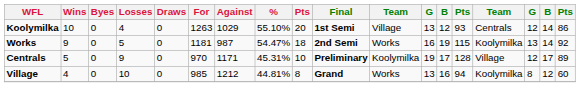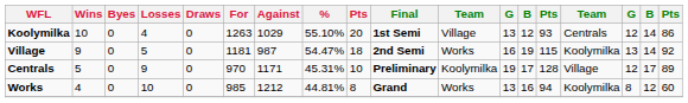 <table class="wikitable">
 <tr>
 <th style="color:crimson">WFL</th>
 <th style="color:crimson">Wins</th>
 <th style="color:crimson">Byes</th>
 <th style="color:crimson">Losses</th>
 <th style="color:crimson">Draws</th>
 <th style="color:crimson">For</th>
 <th style="color:crimson">Against</th>
 <th style="color:crimson">%</th>
 <th style="color:crimson">Pts</th>
 <th style="color:green">Final</th>
 <th style="color:green">Team</th>
 <th style="color:green">G</th>
 <th style="color:green">B</th>
 <th style="color:green">Pts</th>
 <th style="color:green">Team</th>
 <th style="color:green">G</th>
 <th style="color:green">B</th>
 <th style="color:green">Pts</th>
 </tr>
 <tr>
 <td><strong>	Koolymilka	</strong></td>
 <td>10</td>
 <td>0</td>
 <td>4</td>
 <td>0</td>
 <td>1263</td>
 <td>1029</td>
 <td>55.10%</td>
 <td>20</td>
 <td><strong>1st Semi</strong></td>
 <td>Village</td>
 <td>13</td>
 <td>12</td>
 <td>93</td>
 <td>Centrals</td>
 <td>12</td>
 <td>14</td>
 <td>86</td>
 </tr>
 <tr>
-<td><strong>	Works	</strong></td>
+<td><strong>	Village	</strong></td>
 <td>9</td>
 <td>0</td>
 <td>5</td>
 <td>0</td>
 <td>1181</td>
 <td>987</td>
 <td>54.47%</td>
 <td>18</td>
 <td><strong>2nd Semi</strong></td>
 <td>Works</td>
 <td>16</td>
 <td>19</td>
 <td>115</td>
 <td>Koolymilka</td>
 <td>13</td>
 <td>14</td>
 <td>92</td>
 </tr>
 <tr>
 <td><strong>	Centrals	</strong></td>
 <td>5</td>
 <td>0</td>
 <td>9</td>
 <td>0</td>
 <td>970</td>
 <td>1171</td>
 <td>45.31%</td>
 <td>10</td>
 <td><strong>Preliminary</strong></td>
 <td>Koolymilka</td>
 <td>19</td>
 <td>17</td>
 <td>128</td>
 <td>Village</td>
 <td>12</td>
 <td>17</td>
 <td>89</td>
 </tr>
 <tr>
-<td><strong>	Village	</strong></td>
+<td><strong>	Works	</strong></td>
 <td>4</td>
 <td>0</td>
 <td>10</td>
 <td>0</td>
 <td>985</td>
 <td>1212</td>
 <td>44.81%</td>
 <td>8</td>
 <td><strong>Grand</strong></td>
 <td>Works</td>
 <td>13</td>
 <td>16</td>
 <td>94</td>
 <td>Koolymilka</td>
 <td>8</td>
 <td>12</td>
 <td>60</td>
 </tr>
 <tr>
 </tr>
 </table>
